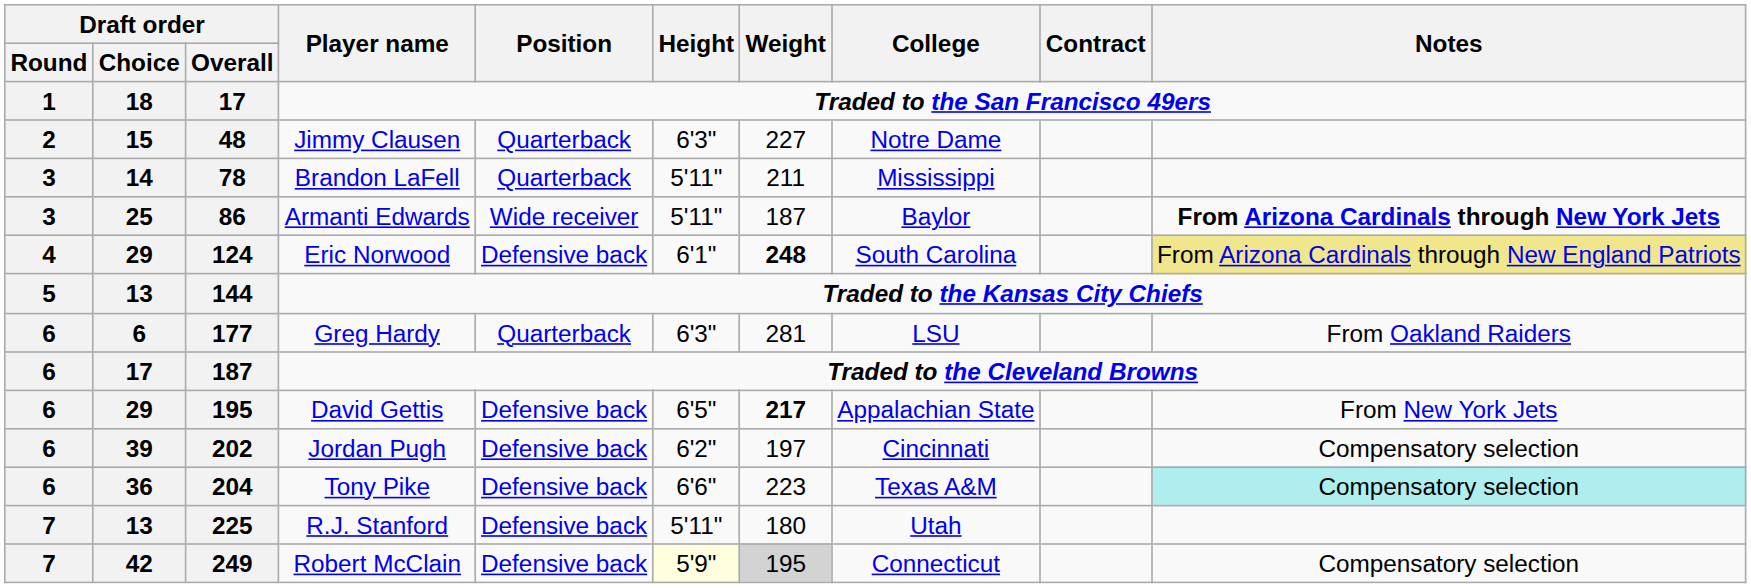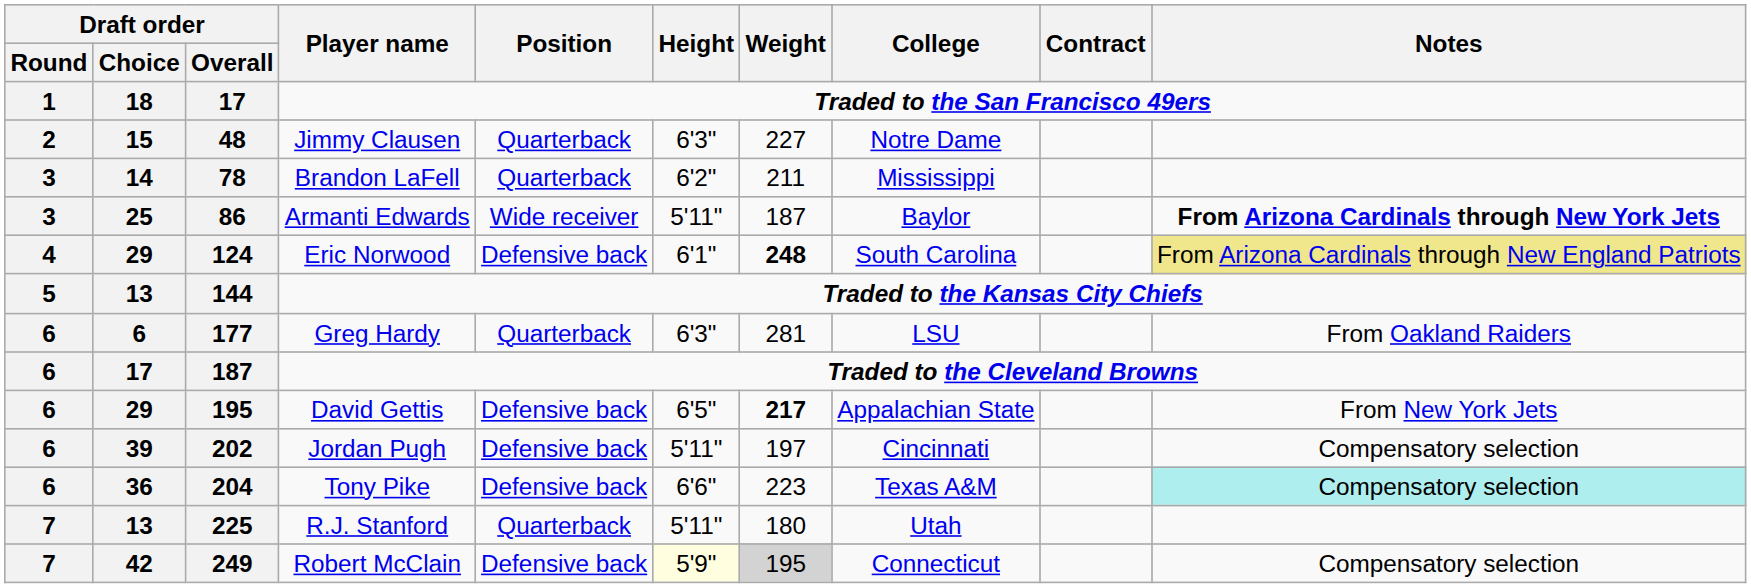 <table class="wikitable" style="font-size: 95%">
 <tr>
 <th colspan="3">Draft order</th>
 <th rowspan="2">Player name</th>
 <th rowspan="2">Position</th>
 <th rowspan="2">Height</th>
 <th rowspan="2">Weight</th>
 <th rowspan="2">College</th>
 <th rowspan="2">Contract</th>
 <th rowspan="2">Notes</th>
 </tr>
 <tr>
 <th>Round</th>
 <th>Choice</th>
 <th>Overall</th>
 </tr>
 <tr style="text-align:center;">
 <th><strong>1</strong></th>
 <th><strong>18</strong></th>
 <th><strong>17</strong></th>
 <td colspan="7"><strong><em>Traded to <a href='#'>the San Francisco 49ers</a></em></strong></td>
 </tr>
 <tr style="text-align:center;">
 <th><strong>2</strong></th>
 <th><strong>15</strong></th>
 <th><strong>48</strong></th>
 <td><a href='#'>Jimmy Clausen</a></td>
 <td><a href='#'>Quarterback</a></td>
 <td>6'3"</td>
 <td>227</td>
 <td><a href='#'>Notre Dame</a></td>
 <td></td>
 <td></td>
 </tr>
 <tr style="text-align:center;">
 <th><strong>3</strong></th>
 <th><strong>14</strong></th>
 <th><strong>78</strong></th>
 <td><a href='#'>Brandon LaFell</a></td>
 <td><a href='#'>Quarterback</a></td>
-<td>5'11"</td>
+<td>6'2"</td>
 <td>211</td>
 <td><a href='#'>Mississippi</a></td>
 <td></td>
 <td></td>
 </tr>
 <tr style="text-align:center;">
 <th><strong>3</strong></th>
 <th><strong>25</strong></th>
 <th><strong>86</strong></th>
 <td><a href='#'>Armanti Edwards</a></td>
 <td><a href='#'>Wide receiver</a></td>
 <td>5'11"</td>
 <td>187</td>
 <td><a href='#'>Baylor</a></td>
 <td></td>
 <td><strong>From <a href='#'>Arizona Cardinals</a> through <a href='#'>New York Jets</a></strong></td>
 </tr>
 <tr style="text-align:center;">
 <th><strong>4</strong></th>
 <th><strong>29</strong></th>
 <th><strong>124</strong></th>
 <td><a href='#'>Eric Norwood</a></td>
 <td><a href='#'>Defensive back</a></td>
 <td>6'1"</td>
 <td><strong>248</strong></td>
 <td><a href='#'>South Carolina</a></td>
 <td></td>
 <td style="background: khaki;">From <a href='#'>Arizona Cardinals</a> through <a href='#'>New England Patriots</a></td>
 </tr>
 <tr style="text-align:center;">
 <th><strong>5</strong></th>
 <th><strong>13</strong></th>
 <th><strong>144</strong></th>
 <td colspan="7"><strong><em>Traded to <a href='#'>the Kansas City Chiefs</a></em></strong></td>
 </tr>
 <tr style="text-align:center;">
 <th><strong>6</strong></th>
 <th><strong>6</strong></th>
 <th><strong>177</strong></th>
 <td><a href='#'>Greg Hardy</a></td>
 <td><a href='#'>Quarterback</a></td>
 <td>6'3"</td>
 <td>281</td>
 <td><a href='#'>LSU</a></td>
 <td></td>
 <td>From <a href='#'>Oakland Raiders</a></td>
 </tr>
 <tr style="text-align:center;">
 <th><strong>6</strong></th>
 <th><strong>17</strong></th>
 <th><strong>187</strong></th>
 <td colspan="7"><strong><em>Traded to <a href='#'>the Cleveland Browns</a></em></strong></td>
 </tr>
 <tr style="text-align:center;">
 <th><strong>6</strong></th>
 <th><strong>29</strong></th>
 <th><strong>195</strong></th>
 <td><a href='#'>David Gettis</a></td>
 <td><a href='#'>Defensive back</a></td>
 <td>6'5"</td>
 <td><strong>217</strong></td>
 <td><a href='#'>Appalachian State</a></td>
 <td></td>
 <td>From <a href='#'>New York Jets</a></td>
 </tr>
 <tr style="text-align:center;">
 <th><strong>6</strong></th>
 <th><strong>39</strong></th>
 <th><strong>202</strong></th>
 <td><a href='#'>Jordan Pugh</a></td>
 <td><a href='#'>Defensive back</a></td>
-<td>6'2"</td>
+<td>5'11"</td>
 <td>197</td>
 <td><a href='#'>Cincinnati</a></td>
 <td></td>
 <td>Compensatory selection</td>
 </tr>
 <tr style="text-align:center;">
 <th><strong>6</strong></th>
 <th><strong>36</strong></th>
 <th><strong>204</strong></th>
 <td><a href='#'>Tony Pike</a></td>
 <td><a href='#'>Defensive back</a></td>
 <td>6'6"</td>
 <td>223</td>
 <td><a href='#'>Texas A&M</a></td>
 <td></td>
 <td style="background: paleturquoise;">Compensatory selection</td>
 </tr>
 <tr style="text-align:center;">
 <th><strong>7</strong></th>
 <th><strong>13</strong></th>
 <th><strong>225</strong></th>
 <td><a href='#'>R.J. Stanford</a></td>
-<td><a href='#'>Defensive back</a></td>
+<td><a href='#'>Quarterback</a></td>
 <td>5'11"</td>
 <td>180</td>
 <td><a href='#'>Utah</a></td>
 <td></td>
 <td></td>
 </tr>
 <tr style="text-align:center;">
 <th><strong>7</strong></th>
 <th><strong>42</strong></th>
 <th><strong>249</strong></th>
 <td><a href='#'>Robert McClain</a></td>
 <td><a href='#'>Defensive back</a></td>
 <td style="background: lightyellow;">5'9"</td>
 <td style="background: lightgrey;">195</td>
 <td><a href='#'>Connecticut</a></td>
 <td></td>
 <td>Compensatory selection</td>
 </tr>
 </table>
